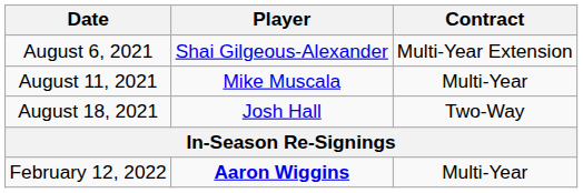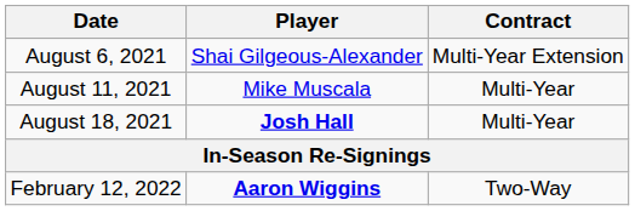 <table class="wikitable" style="text-align: center">
 <tr>
 <th>Date</th>
 <th>Player</th>
 <th>Contract</th>
 </tr>
 <tr style="text-align: center">
 <td>August 6, 2021</td>
 <td><a href='#'>Shai Gilgeous-Alexander</a></td>
 <td>Multi-Year Extension</td>
 </tr>
 <tr style="text-align: center">
 <td>August 11, 2021</td>
 <td><a href='#'>Mike Muscala</a></td>
 <td>Multi-Year</td>
 </tr>
 <tr style="text-align: center">
 <td>August 18, 2021</td>
-<td><a href='#'>Josh Hall</a></td>
-<td>Two-Way</td>
+<td><strong><a href='#'>Josh Hall</a></strong></td>
+<td>Multi-Year</td>
 </tr>
 <tr>
 <th scope="row" colspan="6" style="text-align:center;”">In-Season Re-Signings</th>
 </tr>
 <tr style="text-align: center">
 <td>February 12, 2022</td>
 <td><strong><a href='#'>Aaron Wiggins</a></strong></td>
-<td>Multi-Year</td>
+<td>Two-Way</td>
 </tr>
 </table>
